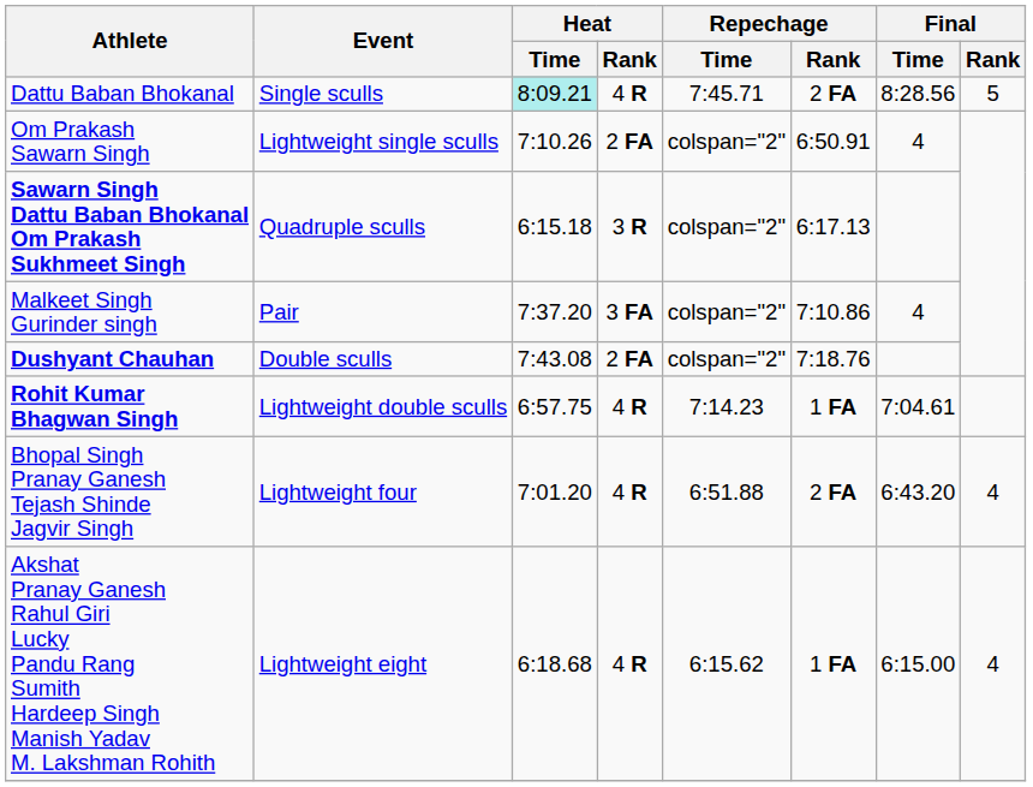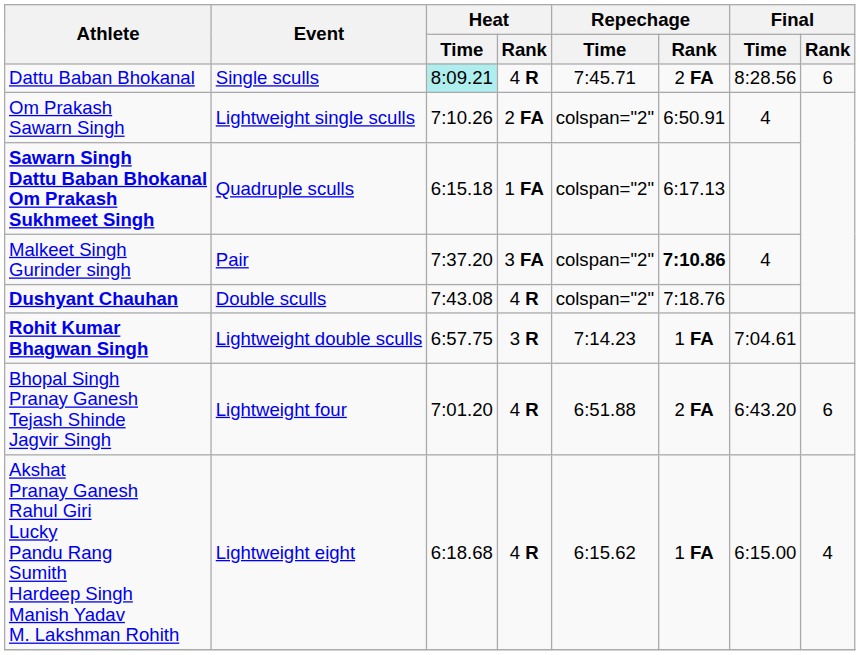 <table class=wikitable style="text-align:center; font-size:90%">
 <tr>
 <th rowspan="2">Athlete</th>
 <th rowspan="2">Event</th>
 <th colspan="2">Heat</th>
 <th colspan="2">Repechage</th>
 <th colspan="2">Final</th>
 </tr>
 <tr>
 <th>Time</th>
 <th>Rank</th>
 <th>Time</th>
 <th>Rank</th>
 <th>Time</th>
 <th>Rank</th>
 </tr>
 <tr>
 <td align=left><a href='#'>Dattu Baban Bhokanal</a></td>
 <td style="text-align:left"><a href='#'>Single sculls</a></td>
 <td style="background: paleturquoise;">8:09.21</td>
 <td>4 <strong>R</strong></td>
 <td>7:45.71</td>
 <td>2 <strong>FA</strong></td>
 <td>8:28.56</td>
-<td>5</td>
+<td>6</td>
 </tr>
 <tr>
 <td align=left><a href='#'>Om Prakash</a><br><a href='#'>Sawarn Singh</a></td>
 <td style="text-align:left"><a href='#'>Lightweight single sculls</a></td>
 <td>7:10.26</td>
 <td>2 <strong>FA</strong></td>
 <td>colspan="2" </td>
 <td>6:50.91</td>
 <td>4</td>
 </tr>
 <tr>
 <td align=left><strong><a href='#'>Sawarn Singh</a><br><a href='#'>Dattu Baban Bhokanal</a><br><a href='#'>Om Prakash</a><br><a href='#'>Sukhmeet Singh</a></strong></td>
 <td style="text-align:left"><a href='#'>Quadruple sculls</a></td>
 <td>6:15.18</td>
-<td>3 <strong>R</strong></td>
+<td>1 <strong>FA</strong></td>
 <td>colspan="2" </td>
 <td>6:17.13</td>
 <td></td>
 </tr>
 <tr>
 <td align=left><a href='#'>Malkeet Singh</a><br><a href='#'>Gurinder singh</a></td>
 <td style="text-align:left"><a href='#'>Pair</a></td>
 <td>7:37.20</td>
 <td>3 <strong>FA</strong></td>
 <td>colspan="2" </td>
-<td>7:10.86</td>
+<td><strong>7:10.86</strong></td>
 <td>4</td>
 </tr>
 <tr>
 <td align=left><strong><a href='#'>Dushyant Chauhan</a></strong></td>
 <td style="text-align:left"><a href='#'>Double sculls</a></td>
 <td>7:43.08</td>
-<td>2 <strong>FA</strong></td>
+<td>4 <strong>R</strong></td>
 <td>colspan="2" </td>
 <td>7:18.76</td>
 <td></td>
 </tr>
 <tr>
 <td align=left><strong><a href='#'>Rohit Kumar</a><br><a href='#'>Bhagwan Singh</a></strong></td>
 <td style="text-align:left"><a href='#'>Lightweight double sculls</a></td>
 <td>6:57.75</td>
-<td>4 <strong>R</strong></td>
+<td>3 <strong>R</strong></td>
 <td>7:14.23</td>
 <td>1 <strong>FA</strong></td>
 <td>7:04.61</td>
 <td></td>
 </tr>
 <tr>
 <td align=left><a href='#'>Bhopal Singh</a><br><a href='#'>Pranay Ganesh</a><br><a href='#'>Tejash Shinde</a><br><a href='#'>Jagvir Singh</a></td>
 <td style="text-align:left"><a href='#'>Lightweight four</a></td>
 <td>7:01.20</td>
 <td>4 <strong>R</strong></td>
 <td>6:51.88</td>
 <td>2 <strong>FA</strong></td>
 <td>6:43.20</td>
-<td>4</td>
+<td>6</td>
 </tr>
 <tr>
 <td align=left><a href='#'>Akshat</a><br><a href='#'>Pranay Ganesh</a><br><a href='#'>Rahul Giri</a><br><a href='#'>Lucky</a><br><a href='#'>Pandu Rang</a><br><a href='#'>Sumith</a><br><a href='#'>Hardeep Singh</a><br><a href='#'>Manish Yadav</a><br><a href='#'>M. Lakshman Rohith</a></td>
 <td style="text-align:left"><a href='#'>Lightweight eight</a></td>
 <td>6:18.68</td>
 <td>4 <strong>R</strong></td>
 <td>6:15.62</td>
 <td>1 <strong>FA</strong></td>
 <td>6:15.00</td>
 <td>4</td>
 </tr>
 <tr>
 </tr>
 </table>
